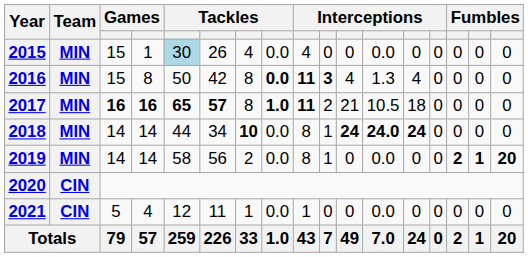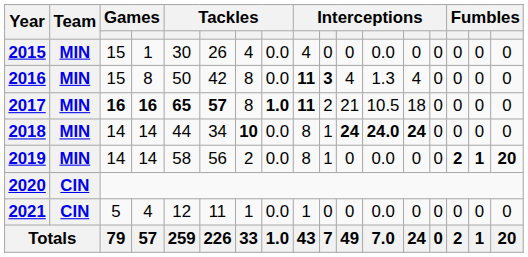 <table class="wikitable" style="text-align:center;">
 <tr>
 <th rowspan="2">Year</th>
 <th rowspan="2">Team</th>
 <th colspan="2">Games</th>
 <th colspan="4">Tackles</th>
 <th colspan="6">Interceptions</th>
 <th colspan="3">Fumbles</th>
 </tr>
 <tr>
 <th></th>
 <th></th>
 <th></th>
 <th></th>
 <th></th>
 <th></th>
 <th></th>
 <th></th>
 <th></th>
 <th></th>
 <th></th>
 <th></th>
 <th></th>
 <th></th>
 <th></th>
 </tr>
 <tr>
 <th><a href='#'>2015</a></th>
 <th><a href='#'>MIN</a></th>
 <td>15</td>
 <td>1</td>
-<td style="background: lightblue;">30</td>
+<td>30</td>
 <td>26</td>
 <td>4</td>
 <td>0.0</td>
 <td>4</td>
 <td>0</td>
 <td>0</td>
 <td>0.0</td>
 <td>0</td>
 <td>0</td>
 <td>0</td>
 <td>0</td>
 <td>0</td>
 </tr>
 <tr>
 <th><a href='#'>2016</a></th>
 <th><a href='#'>MIN</a></th>
 <td>15</td>
 <td>8</td>
 <td>50</td>
 <td>42</td>
 <td>8</td>
-<td><strong>0.0</strong></td>
+<td>0.0</td>
 <td><strong>11</strong></td>
 <td><strong>3</strong></td>
 <td>4</td>
 <td>1.3</td>
 <td>4</td>
 <td>0</td>
 <td>0</td>
 <td>0</td>
 <td>0</td>
 </tr>
 <tr>
 <th><a href='#'>2017</a></th>
 <th><a href='#'>MIN</a></th>
 <td><strong>16</strong></td>
 <td><strong>16</strong></td>
 <td><strong>65</strong></td>
 <td><strong>57</strong></td>
 <td>8</td>
 <td><strong>1.0</strong></td>
 <td><strong>11</strong></td>
 <td>2</td>
 <td>21</td>
 <td>10.5</td>
 <td>18</td>
 <td>0</td>
 <td>0</td>
 <td>0</td>
 <td>0</td>
 </tr>
 <tr>
 <th><a href='#'>2018</a></th>
 <th><a href='#'>MIN</a></th>
 <td>14</td>
 <td>14</td>
 <td>44</td>
 <td>34</td>
 <td><strong>10</strong></td>
 <td>0.0</td>
 <td>8</td>
 <td>1</td>
 <td><strong>24</strong></td>
 <td><strong>24.0</strong></td>
 <td><strong>24</strong></td>
 <td>0</td>
 <td>0</td>
 <td>0</td>
 <td>0</td>
 </tr>
 <tr>
 <th><a href='#'>2019</a></th>
 <th><a href='#'>MIN</a></th>
 <td>14</td>
 <td>14</td>
 <td>58</td>
 <td>56</td>
 <td>2</td>
 <td>0.0</td>
 <td>8</td>
 <td>1</td>
 <td>0</td>
 <td>0.0</td>
 <td>0</td>
 <td>0</td>
 <td><strong>2</strong></td>
 <td><strong>1</strong></td>
 <td><strong>20</strong></td>
 </tr>
 <tr>
 <th><a href='#'>2020</a></th>
 <th><a href='#'>CIN</a></th>
 <td colspan="15"></td>
 </tr>
 <tr>
 <th><a href='#'>2021</a></th>
 <th><a href='#'>CIN</a></th>
 <td>5</td>
 <td>4</td>
 <td>12</td>
 <td>11</td>
 <td>1</td>
 <td>0.0</td>
 <td>1</td>
 <td>0</td>
 <td>0</td>
 <td>0.0</td>
 <td>0</td>
 <td>0</td>
 <td>0</td>
 <td>0</td>
 <td>0</td>
 </tr>
 <tr>
 <th colspan="2">Totals</th>
 <th>79</th>
 <th>57</th>
 <th>259</th>
 <th>226</th>
 <th>33</th>
 <th>1.0</th>
 <th>43</th>
 <th>7</th>
 <th>49</th>
 <th>7.0</th>
 <th>24</th>
 <th>0</th>
 <th>2</th>
 <th>1</th>
 <th>20</th>
 </tr>
 </table>
